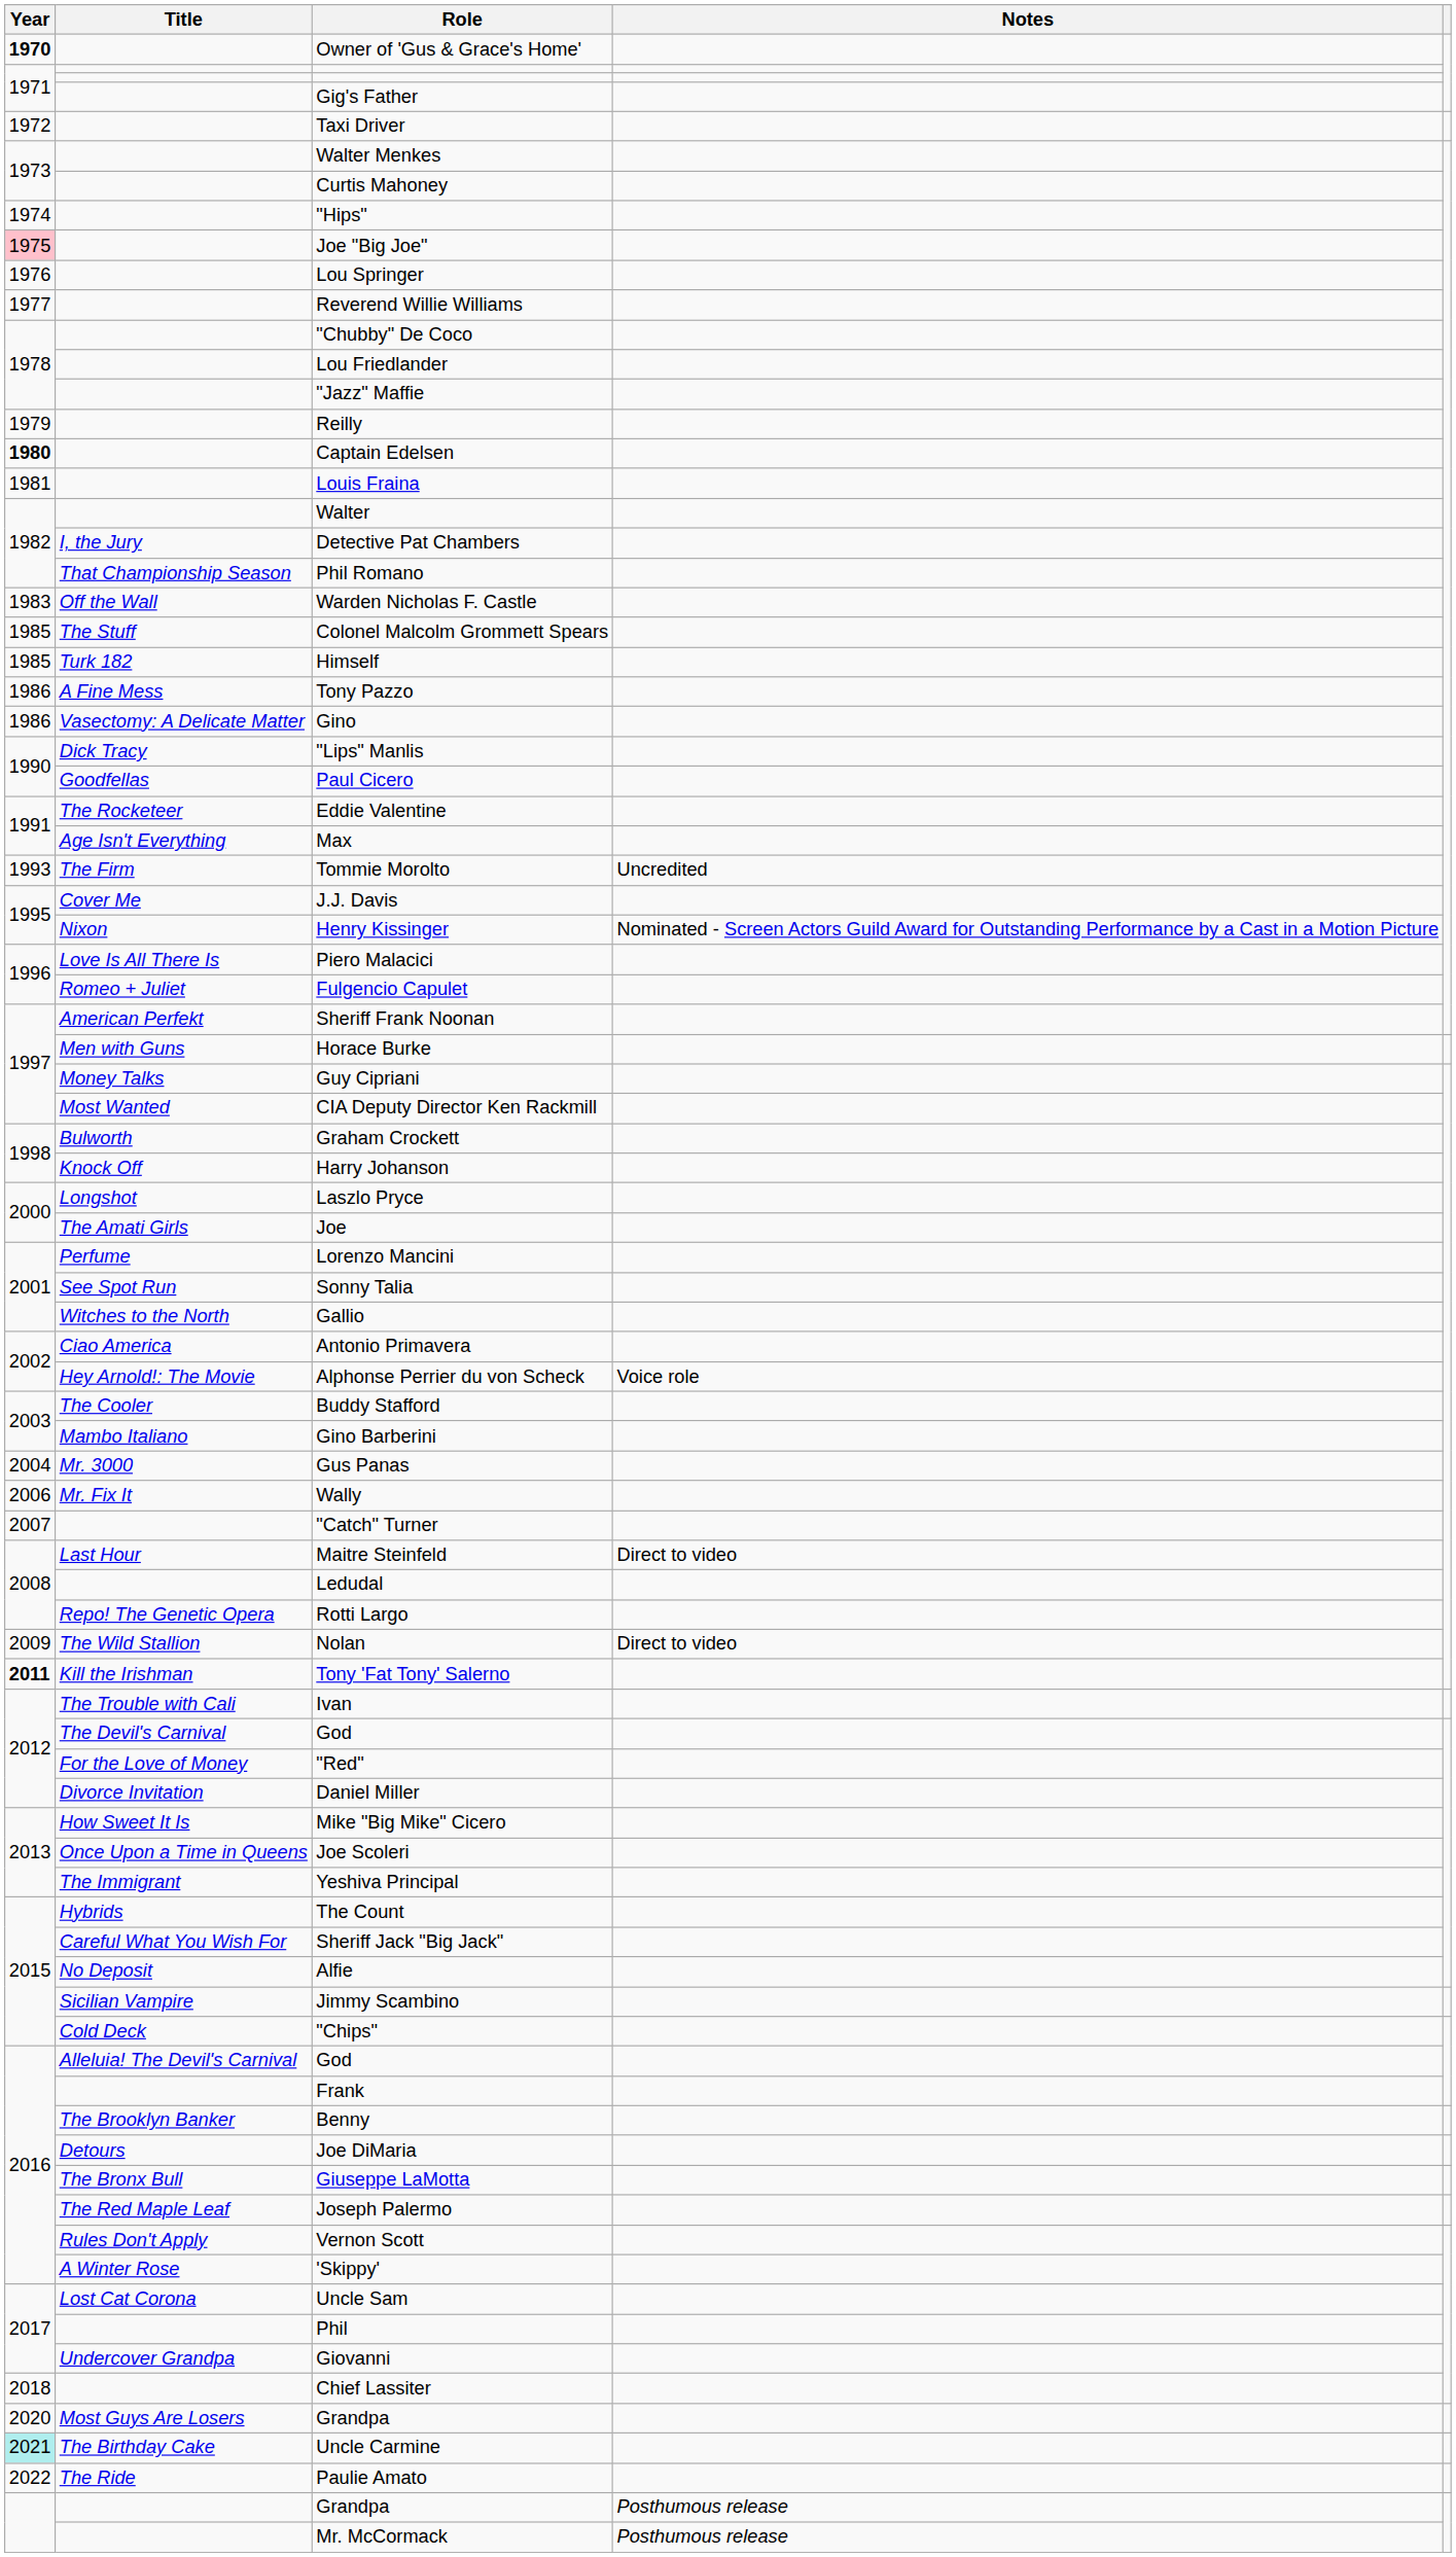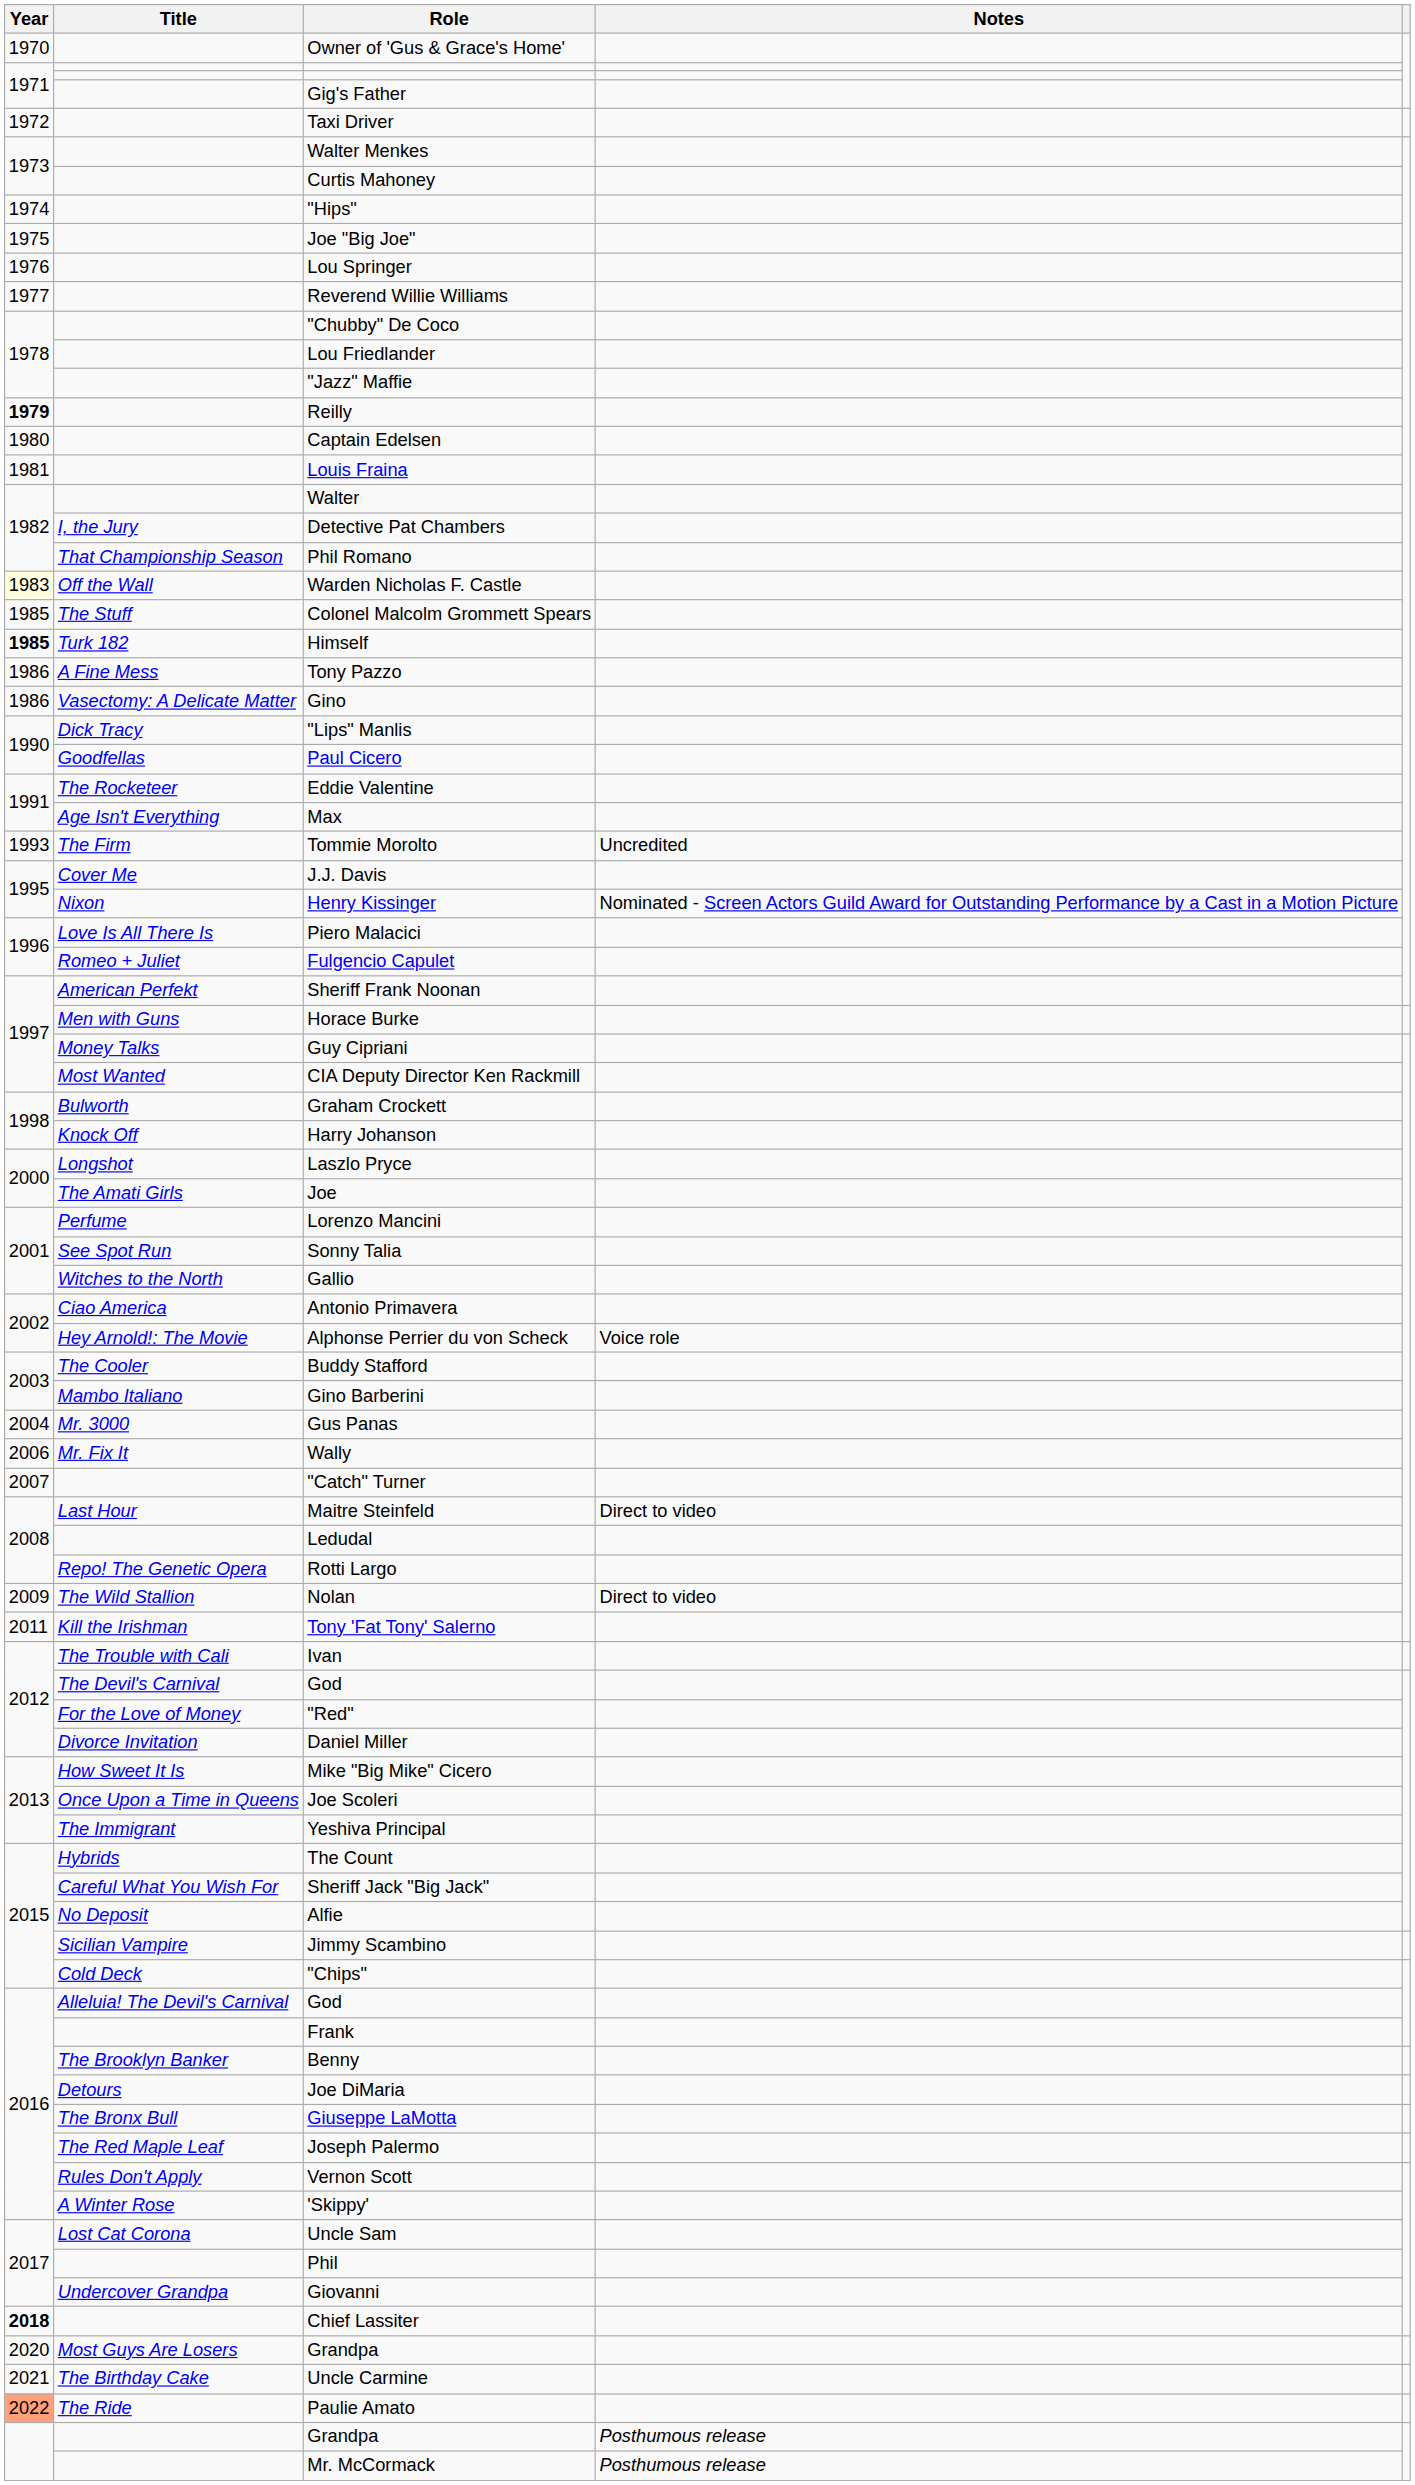 <table class="wikitable sortable">
 <tr>
 <th>Year</th>
 <th>Title</th>
 <th>Role</th>
 <th class="unsortable">Notes</th>
 <th class="unsortable"></th>
 </tr>
 <tr>
-<td><strong>1970</strong></td>
+<td>1970</td>
 <td><em></em></td>
 <td>Owner of 'Gus & Grace's Home'</td>
 <td></td>
 <td rowspan=4 style="text-align:center;"></td>
 </tr>
 <tr>
 <td rowspan=3>1971</td>
 <td><em></em></td>
 <td></td>
 <td></td>
 </tr>
 <tr>
 <td><em></em></td>
 <td></td>
 <td></td>
 </tr>
 <tr>
 <td><em></em></td>
 <td>Gig's Father</td>
 <td></td>
 </tr>
 <tr>
 <td>1972</td>
 <td><em></em></td>
 <td>Taxi Driver</td>
 <td></td>
 <td style="text-align:center;"></td>
 </tr>
 <tr>
 <td rowspan=2>1973</td>
 <td><em></em></td>
 <td>Walter Menkes</td>
 <td></td>
 <td rowspan="30" style="text-align:center;"></td>
 </tr>
 <tr>
 <td><em></em></td>
 <td>Curtis Mahoney</td>
 <td></td>
 </tr>
 <tr>
 <td>1974</td>
 <td><em></em></td>
 <td>"Hips"</td>
 <td></td>
 </tr>
 <tr>
-<td style="background: pink;">1975</td>
+<td>1975</td>
 <td><em></em></td>
 <td>Joe "Big Joe"</td>
 <td></td>
 </tr>
 <tr>
 <td>1976</td>
 <td><em></em></td>
 <td>Lou Springer</td>
 <td></td>
 </tr>
 <tr>
 <td>1977</td>
 <td><em></em></td>
 <td>Reverend Willie Williams</td>
 <td></td>
 </tr>
 <tr>
 <td rowspan=3>1978</td>
 <td><em></em></td>
 <td>"Chubby" De Coco</td>
 <td></td>
 </tr>
 <tr>
 <td><em></em></td>
 <td>Lou Friedlander</td>
 <td></td>
 </tr>
 <tr>
 <td><em></em></td>
 <td>"Jazz" Maffie</td>
 <td></td>
 </tr>
 <tr>
-<td>1979</td>
+<td><strong>1979</strong></td>
 <td><em></em></td>
 <td>Reilly</td>
 <td></td>
 </tr>
 <tr>
-<td><strong>1980</strong></td>
+<td>1980</td>
 <td><em></em></td>
 <td>Captain Edelsen</td>
 <td></td>
 </tr>
 <tr>
 <td>1981</td>
 <td><em></em></td>
 <td><a href='#'>Louis Fraina</a></td>
 <td></td>
 </tr>
 <tr>
 <td rowspan=3>1982</td>
 <td><em></em></td>
 <td>Walter</td>
 <td></td>
 </tr>
 <tr>
 <td><em><a href='#'>I, the Jury</a></em></td>
 <td>Detective Pat Chambers</td>
 <td></td>
 </tr>
 <tr>
 <td><em><a href='#'>That Championship Season</a></em></td>
 <td>Phil Romano</td>
 <td></td>
 </tr>
 <tr>
-<td>1983</td>
+<td style="background: lightyellow;">1983</td>
 <td><em><a href='#'>Off the Wall</a></em></td>
 <td>Warden Nicholas F. Castle</td>
 <td></td>
 </tr>
 <tr>
 <td>1985</td>
 <td><em><a href='#'>The Stuff</a></em></td>
 <td>Colonel Malcolm Grommett Spears</td>
 <td></td>
 </tr>
 <tr>
-<td>1985</td>
+<td><strong>1985</strong></td>
 <td><em><a href='#'>Turk 182</a></em></td>
 <td>Himself</td>
 <td></td>
 </tr>
 <tr>
 <td>1986</td>
 <td><em><a href='#'>A Fine Mess</a></em></td>
 <td>Tony Pazzo</td>
 <td></td>
 </tr>
 <tr>
 <td>1986</td>
 <td><em><a href='#'>Vasectomy: A Delicate Matter</a></em></td>
 <td>Gino</td>
 <td></td>
 </tr>
 <tr>
 <td rowspan=2>1990</td>
 <td><em><a href='#'>Dick Tracy</a></em></td>
 <td>"Lips" Manlis</td>
 <td></td>
 </tr>
 <tr>
 <td><em><a href='#'>Goodfellas</a></em></td>
 <td><a href='#'>Paul Cicero</a></td>
 <td></td>
 </tr>
 <tr>
 <td rowspan=2>1991</td>
 <td><em><a href='#'>The Rocketeer</a></em></td>
 <td>Eddie Valentine</td>
 <td></td>
 </tr>
 <tr>
 <td><em><a href='#'>Age Isn't Everything</a></em></td>
 <td>Max</td>
 <td></td>
 </tr>
 <tr>
 <td>1993</td>
 <td><em><a href='#'>The Firm</a></em></td>
 <td>Tommie Morolto</td>
 <td>Uncredited</td>
 </tr>
 <tr>
 <td rowspan=2>1995</td>
 <td><em><a href='#'>Cover Me</a></em></td>
 <td>J.J. Davis</td>
 <td></td>
 </tr>
 <tr>
 <td><em><a href='#'>Nixon</a></em></td>
 <td><a href='#'>Henry Kissinger</a></td>
 <td>Nominated - <a href='#'>Screen Actors Guild Award for Outstanding Performance by a Cast in a Motion Picture</a></td>
 </tr>
 <tr>
 <td rowspan=2>1996</td>
 <td><em><a href='#'>Love Is All There Is</a></em></td>
 <td>Piero Malacici</td>
 <td></td>
 </tr>
 <tr>
 <td><em><a href='#'>Romeo + Juliet</a></em></td>
 <td><a href='#'>Fulgencio Capulet</a></td>
 <td></td>
 </tr>
 <tr>
 <td rowspan=4>1997</td>
 <td><em><a href='#'>American Perfekt</a></em></td>
 <td>Sheriff Frank Noonan</td>
 <td></td>
 </tr>
 <tr>
 <td><em><a href='#'>Men with Guns</a></em></td>
 <td>Horace Burke</td>
 <td></td>
 <td style="text-align:center;"></td>
 </tr>
 <tr>
 <td><em><a href='#'>Money Talks</a></em></td>
 <td>Guy Cipriani</td>
 <td></td>
 <td rowspan="21" style="text-align:center;"></td>
 </tr>
 <tr>
 <td><em><a href='#'>Most Wanted</a></em></td>
 <td>CIA Deputy Director Ken Rackmill</td>
 <td></td>
 </tr>
 <tr>
 <td rowspan=2>1998</td>
 <td><em><a href='#'>Bulworth</a></em></td>
 <td>Graham Crockett</td>
 <td></td>
 </tr>
 <tr>
 <td><em><a href='#'>Knock Off</a></em></td>
 <td>Harry Johanson</td>
 <td></td>
 </tr>
 <tr>
 <td rowspan=2>2000</td>
 <td><em><a href='#'>Longshot</a></em></td>
 <td>Laszlo Pryce</td>
 <td></td>
 </tr>
 <tr>
 <td><em><a href='#'>The Amati Girls</a></em></td>
 <td>Joe</td>
 <td></td>
 </tr>
 <tr>
 <td rowspan=3>2001</td>
 <td><em><a href='#'>Perfume</a></em></td>
 <td>Lorenzo Mancini</td>
 <td></td>
 </tr>
 <tr>
 <td><em><a href='#'>See Spot Run</a></em></td>
 <td>Sonny Talia</td>
 <td></td>
 </tr>
 <tr>
 <td><em><a href='#'>Witches to the North</a></em></td>
 <td>Gallio</td>
 <td></td>
 </tr>
 <tr>
 <td rowspan=2>2002</td>
 <td><em><a href='#'>Ciao America</a></em></td>
 <td>Antonio Primavera</td>
 <td></td>
 </tr>
 <tr>
 <td><em><a href='#'>Hey Arnold!: The Movie</a></em></td>
 <td>Alphonse Perrier du von Scheck</td>
 <td>Voice role</td>
 </tr>
 <tr>
 <td rowspan=2>2003</td>
 <td><em><a href='#'>The Cooler</a></em></td>
 <td>Buddy Stafford</td>
 <td></td>
 </tr>
 <tr>
 <td><em><a href='#'>Mambo Italiano</a></em></td>
 <td>Gino Barberini</td>
 <td></td>
 </tr>
 <tr>
 <td>2004</td>
 <td><em><a href='#'>Mr. 3000</a></em></td>
 <td>Gus Panas</td>
 <td></td>
 </tr>
 <tr>
 <td>2006</td>
 <td><em><a href='#'>Mr. Fix It</a></em></td>
 <td>Wally</td>
 <td></td>
 </tr>
 <tr>
 <td>2007</td>
 <td><em></em></td>
 <td>"Catch" Turner</td>
 <td></td>
 </tr>
 <tr>
 <td rowspan=3>2008</td>
 <td><em><a href='#'>Last Hour</a></em></td>
 <td>Maitre Steinfeld</td>
 <td>Direct to video</td>
 </tr>
 <tr>
 <td><em></em></td>
 <td>Ledudal</td>
 <td></td>
 </tr>
 <tr>
 <td><em><a href='#'>Repo! The Genetic Opera</a></em></td>
 <td>Rotti Largo</td>
 <td></td>
 </tr>
 <tr>
 <td>2009</td>
 <td><em><a href='#'>The Wild Stallion</a></em></td>
 <td>Nolan</td>
 <td>Direct to video</td>
 </tr>
 <tr>
-<td><strong>2011</strong></td>
+<td>2011</td>
 <td><em><a href='#'>Kill the Irishman</a></em></td>
 <td><a href='#'>Tony 'Fat Tony' Salerno</a></td>
 <td></td>
 </tr>
 <tr>
 <td rowspan=4>2012</td>
 <td><em><a href='#'>The Trouble with Cali</a></em></td>
 <td>Ivan</td>
 <td></td>
 <td style="text-align:center;"></td>
 </tr>
 <tr>
 <td><em><a href='#'>The Devil's Carnival</a></em></td>
 <td>God</td>
 <td></td>
 <td rowspan="9" style="text-align:center;"></td>
 </tr>
 <tr>
 <td><em><a href='#'>For the Love of Money</a></em></td>
 <td>"Red"</td>
 <td></td>
 </tr>
 <tr>
 <td><em><a href='#'>Divorce Invitation</a></em></td>
 <td>Daniel Miller</td>
 <td></td>
 </tr>
 <tr>
 <td rowspan=3>2013</td>
 <td><em><a href='#'>How Sweet It Is</a></em></td>
 <td>Mike "Big Mike" Cicero</td>
 <td></td>
 </tr>
 <tr>
 <td><em><a href='#'>Once Upon a Time in Queens</a></em></td>
 <td>Joe Scoleri</td>
 <td></td>
 </tr>
 <tr>
 <td><em><a href='#'>The Immigrant</a></em></td>
 <td>Yeshiva Principal</td>
 <td></td>
 </tr>
 <tr>
 <td rowspan=5>2015</td>
 <td><em><a href='#'>Hybrids</a></em></td>
 <td>The Count</td>
 <td></td>
 </tr>
 <tr>
 <td><em><a href='#'>Careful What You Wish For</a></em></td>
 <td>Sheriff Jack "Big Jack"</td>
 <td></td>
 </tr>
 <tr>
 <td><em><a href='#'>No Deposit</a></em></td>
 <td>Alfie</td>
 <td></td>
 </tr>
 <tr>
 <td><em><a href='#'>Sicilian Vampire</a></em></td>
 <td>Jimmy Scambino</td>
 <td></td>
 <td style="text-align:center;"></td>
 </tr>
 <tr>
 <td><em><a href='#'>Cold Deck</a></em></td>
 <td>"Chips"</td>
 <td></td>
 <td rowspan="3" style="text-align:center;"></td>
 </tr>
 <tr>
 <td rowspan=8>2016</td>
 <td><em><a href='#'>Alleluia! The Devil's Carnival</a></em></td>
 <td>God</td>
 <td></td>
 </tr>
 <tr>
 <td><em></em></td>
 <td>Frank</td>
 <td></td>
 </tr>
 <tr>
 <td><em><a href='#'>The Brooklyn Banker</a></em></td>
 <td>Benny</td>
 <td></td>
 <td style="text-align:center;"></td>
 </tr>
 <tr>
 <td><em><a href='#'>Detours</a></em></td>
 <td>Joe DiMaria</td>
 <td></td>
 <td style="text-align:center;"></td>
 </tr>
 <tr>
 <td><em><a href='#'>The Bronx Bull</a></em></td>
 <td><a href='#'>Giuseppe LaMotta</a></td>
 <td></td>
 <td style="text-align:center;"></td>
 </tr>
 <tr>
 <td><em><a href='#'>The Red Maple Leaf</a></em></td>
 <td>Joseph Palermo</td>
 <td></td>
 <td style="text-align:center;"></td>
 </tr>
 <tr>
 <td><em><a href='#'>Rules Don't Apply</a></em></td>
 <td>Vernon Scott</td>
 <td></td>
 <td rowspan="6" style="text-align:center;"></td>
 </tr>
 <tr>
 <td><em><a href='#'>A Winter Rose</a></em></td>
 <td>'Skippy'</td>
 <td></td>
 </tr>
 <tr>
 <td rowspan=3>2017</td>
 <td><em><a href='#'>Lost Cat Corona</a></em></td>
 <td>Uncle Sam</td>
 <td></td>
 </tr>
 <tr>
 <td><em></em></td>
 <td>Phil</td>
 <td></td>
 </tr>
 <tr>
 <td><em><a href='#'>Undercover Grandpa</a></em></td>
 <td>Giovanni</td>
 <td></td>
 </tr>
 <tr>
-<td>2018</td>
+<td><strong>2018</strong></td>
 <td><em></em></td>
 <td>Chief Lassiter</td>
 <td></td>
 </tr>
 <tr>
 <td>2020</td>
 <td><em><a href='#'>Most Guys Are Losers</a></em></td>
 <td>Grandpa</td>
 <td></td>
 <td style="text-align:center;"></td>
 </tr>
 <tr>
-<td style="background: paleturquoise;">2021</td>
+<td>2021</td>
 <td><em><a href='#'>The Birthday Cake</a></em></td>
 <td>Uncle Carmine</td>
 <td></td>
 <td style="text-align:center;"></td>
 </tr>
 <tr>
-<td>2022</td>
+<td style="background: lightsalmon;">2022</td>
 <td><em><a href='#'>The Ride</a></em></td>
 <td>Paulie Amato</td>
 <td></td>
 <td style="text-align:center;"></td>
 </tr>
 <tr>
 <td rowspan=2></td>
 <td></td>
 <td>Grandpa</td>
 <td><em>Posthumous release</em></td>
 <td rowspan="2" style="text-align:center;"></td>
 </tr>
 <tr>
 <td></td>
 <td>Mr. McCormack</td>
 <td><em>Posthumous release</em></td>
 </tr>
 </table>
